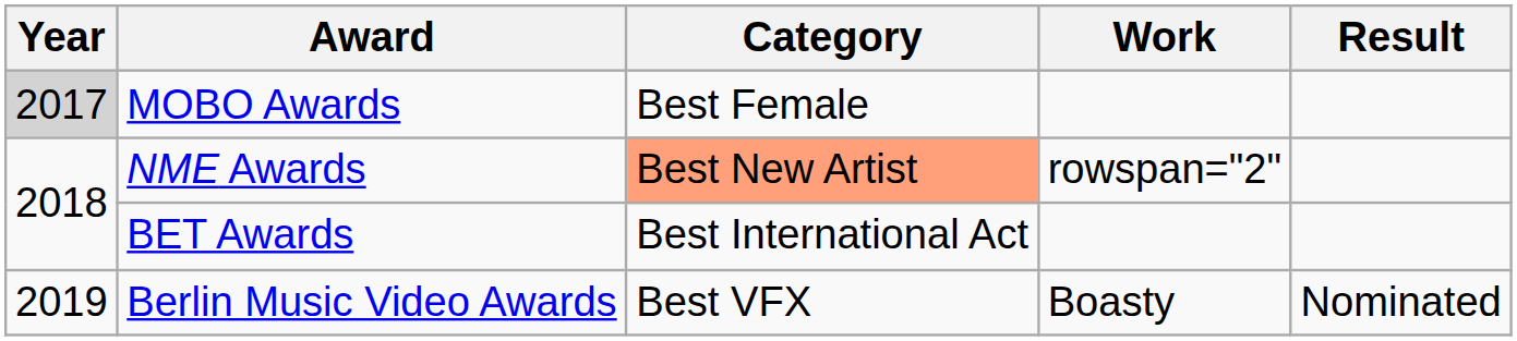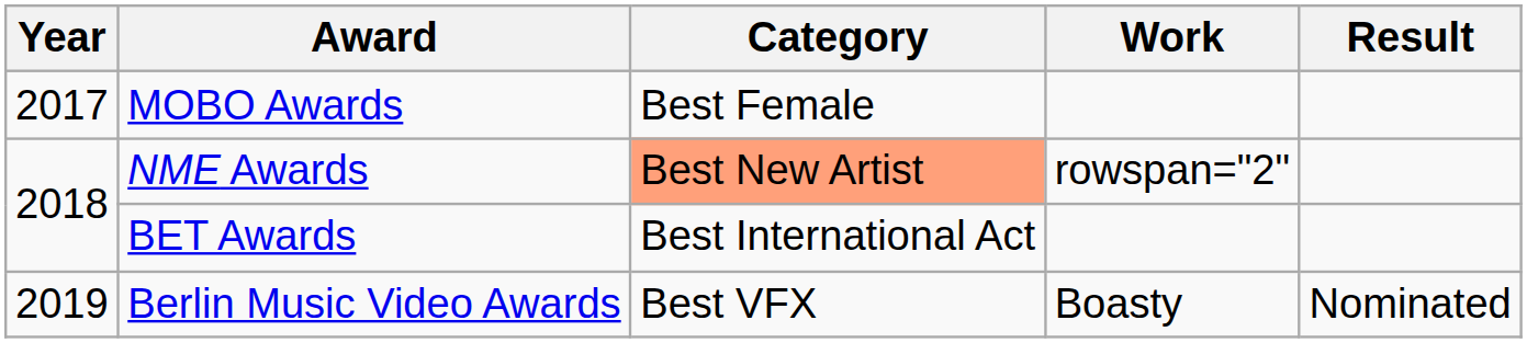 <table class="wikitable">
 <tr>
 <th>Year</th>
 <th>Award</th>
 <th>Category</th>
 <th>Work</th>
 <th>Result</th>
 </tr>
 <tr>
-<td style="background: lightgrey;">2017</td>
+<td>2017</td>
 <td><a href='#'>MOBO Awards</a></td>
 <td>Best Female</td>
 <td></td>
 <td></td>
 </tr>
 <tr>
 <td rowspan="2">2018</td>
 <td><a href='#'><em>NME</em> Awards</a></td>
 <td style="background: lightsalmon;">Best New Artist</td>
 <td>rowspan="2" </td>
 <td></td>
 </tr>
 <tr>
 <td><a href='#'>BET Awards</a></td>
 <td>Best International Act</td>
 <td></td>
 </tr>
 <tr>
 <td>2019</td>
 <td><a href='#'>Berlin Music Video Awards</a></td>
 <td>Best VFX</td>
 <td>Boasty</td>
 <td>Nominated</td>
 </tr>
 </table>
